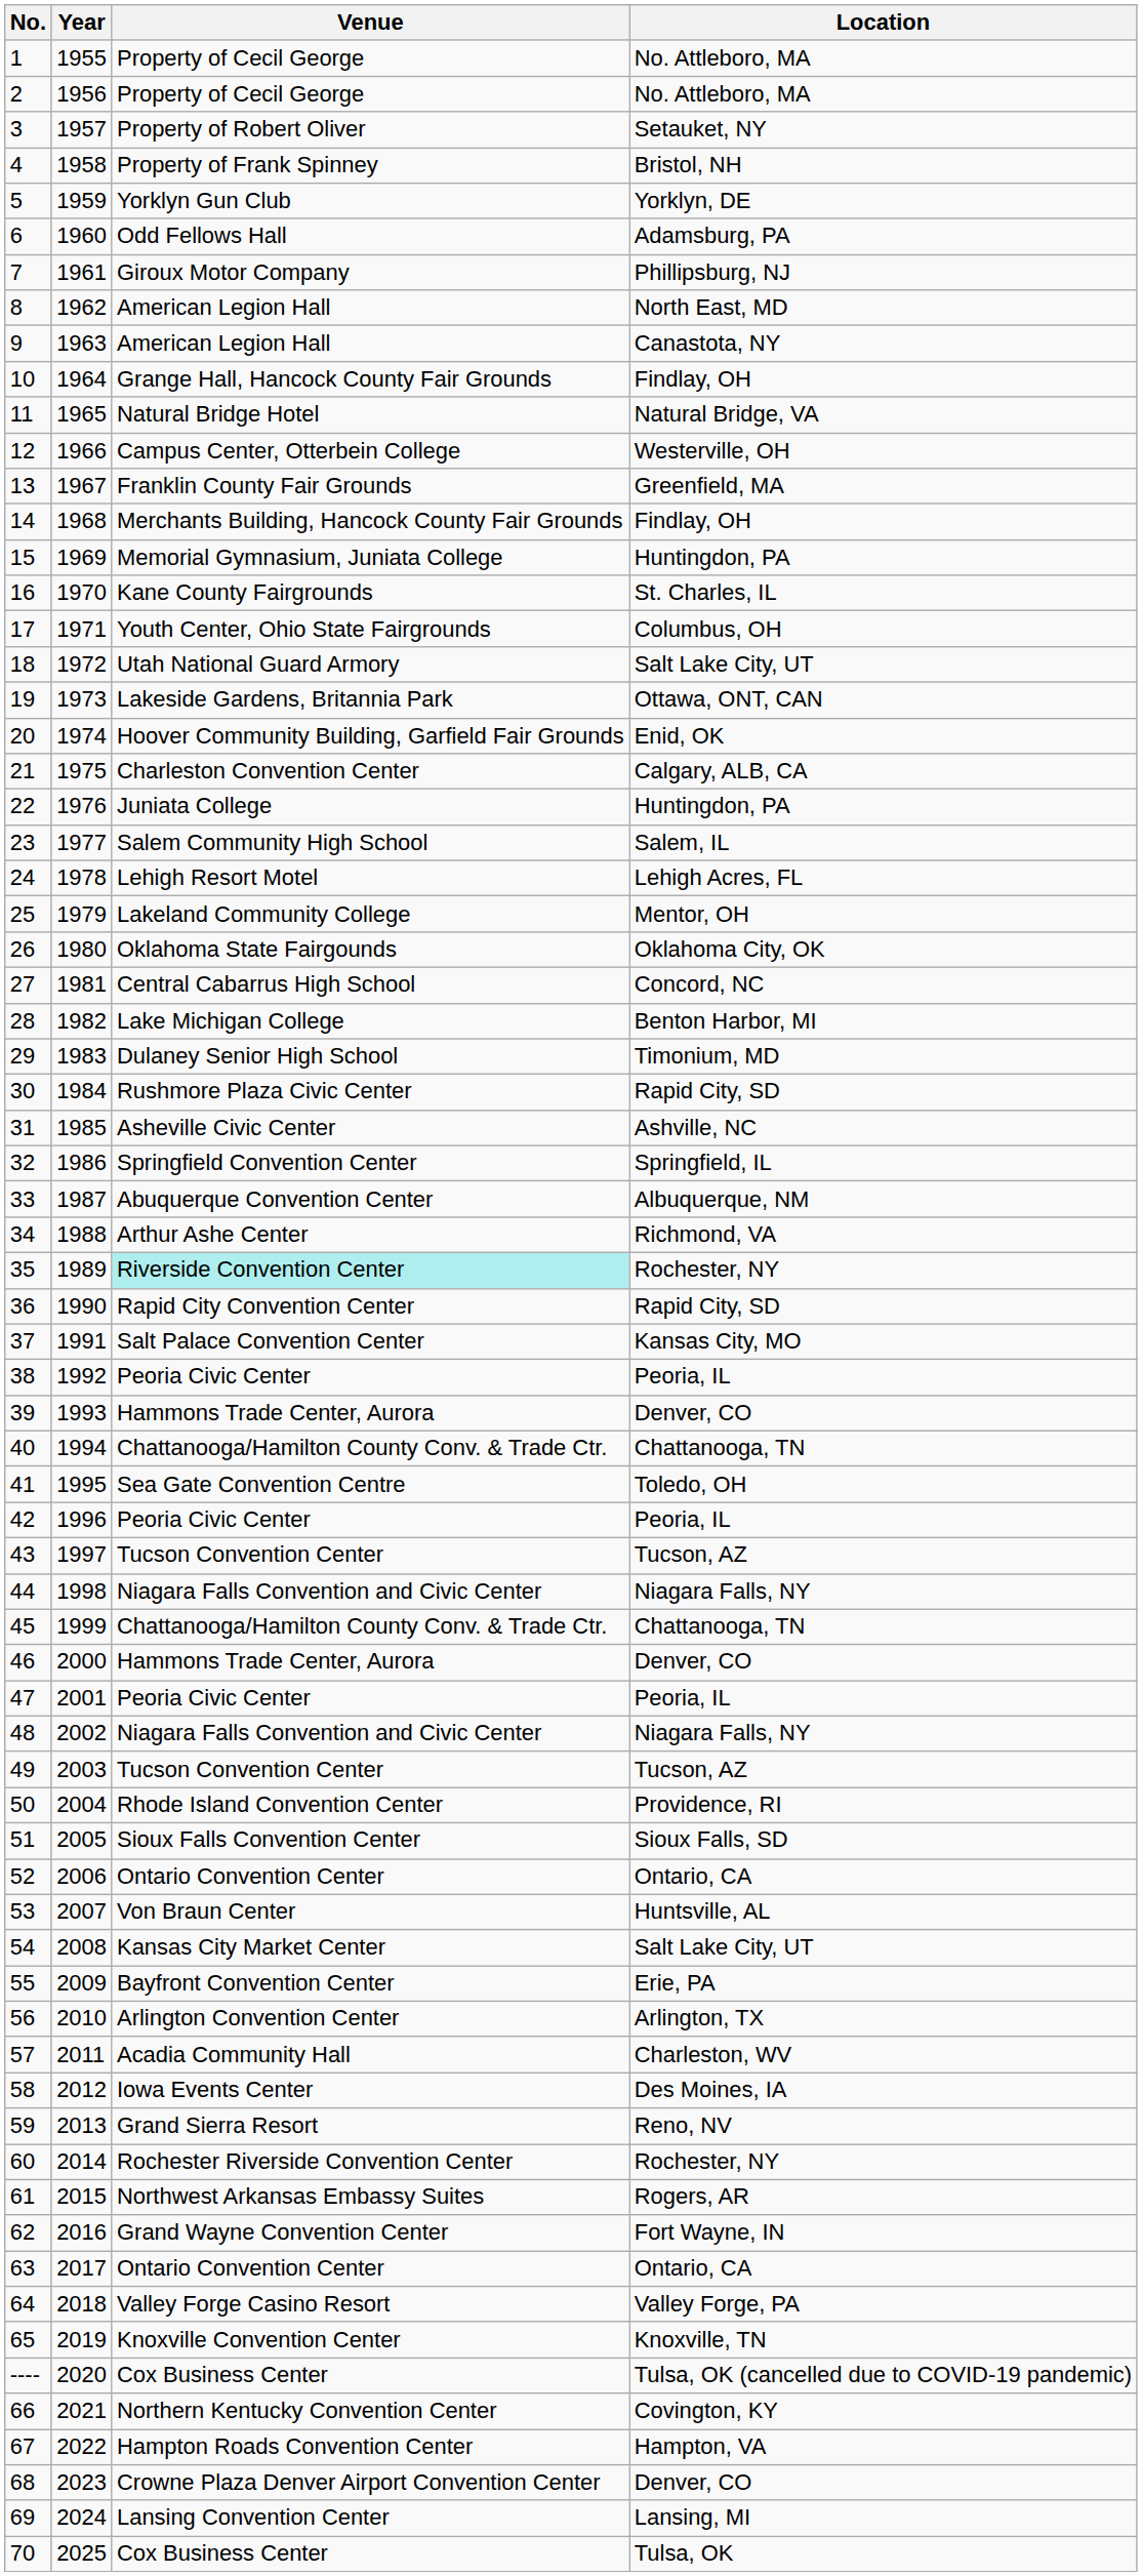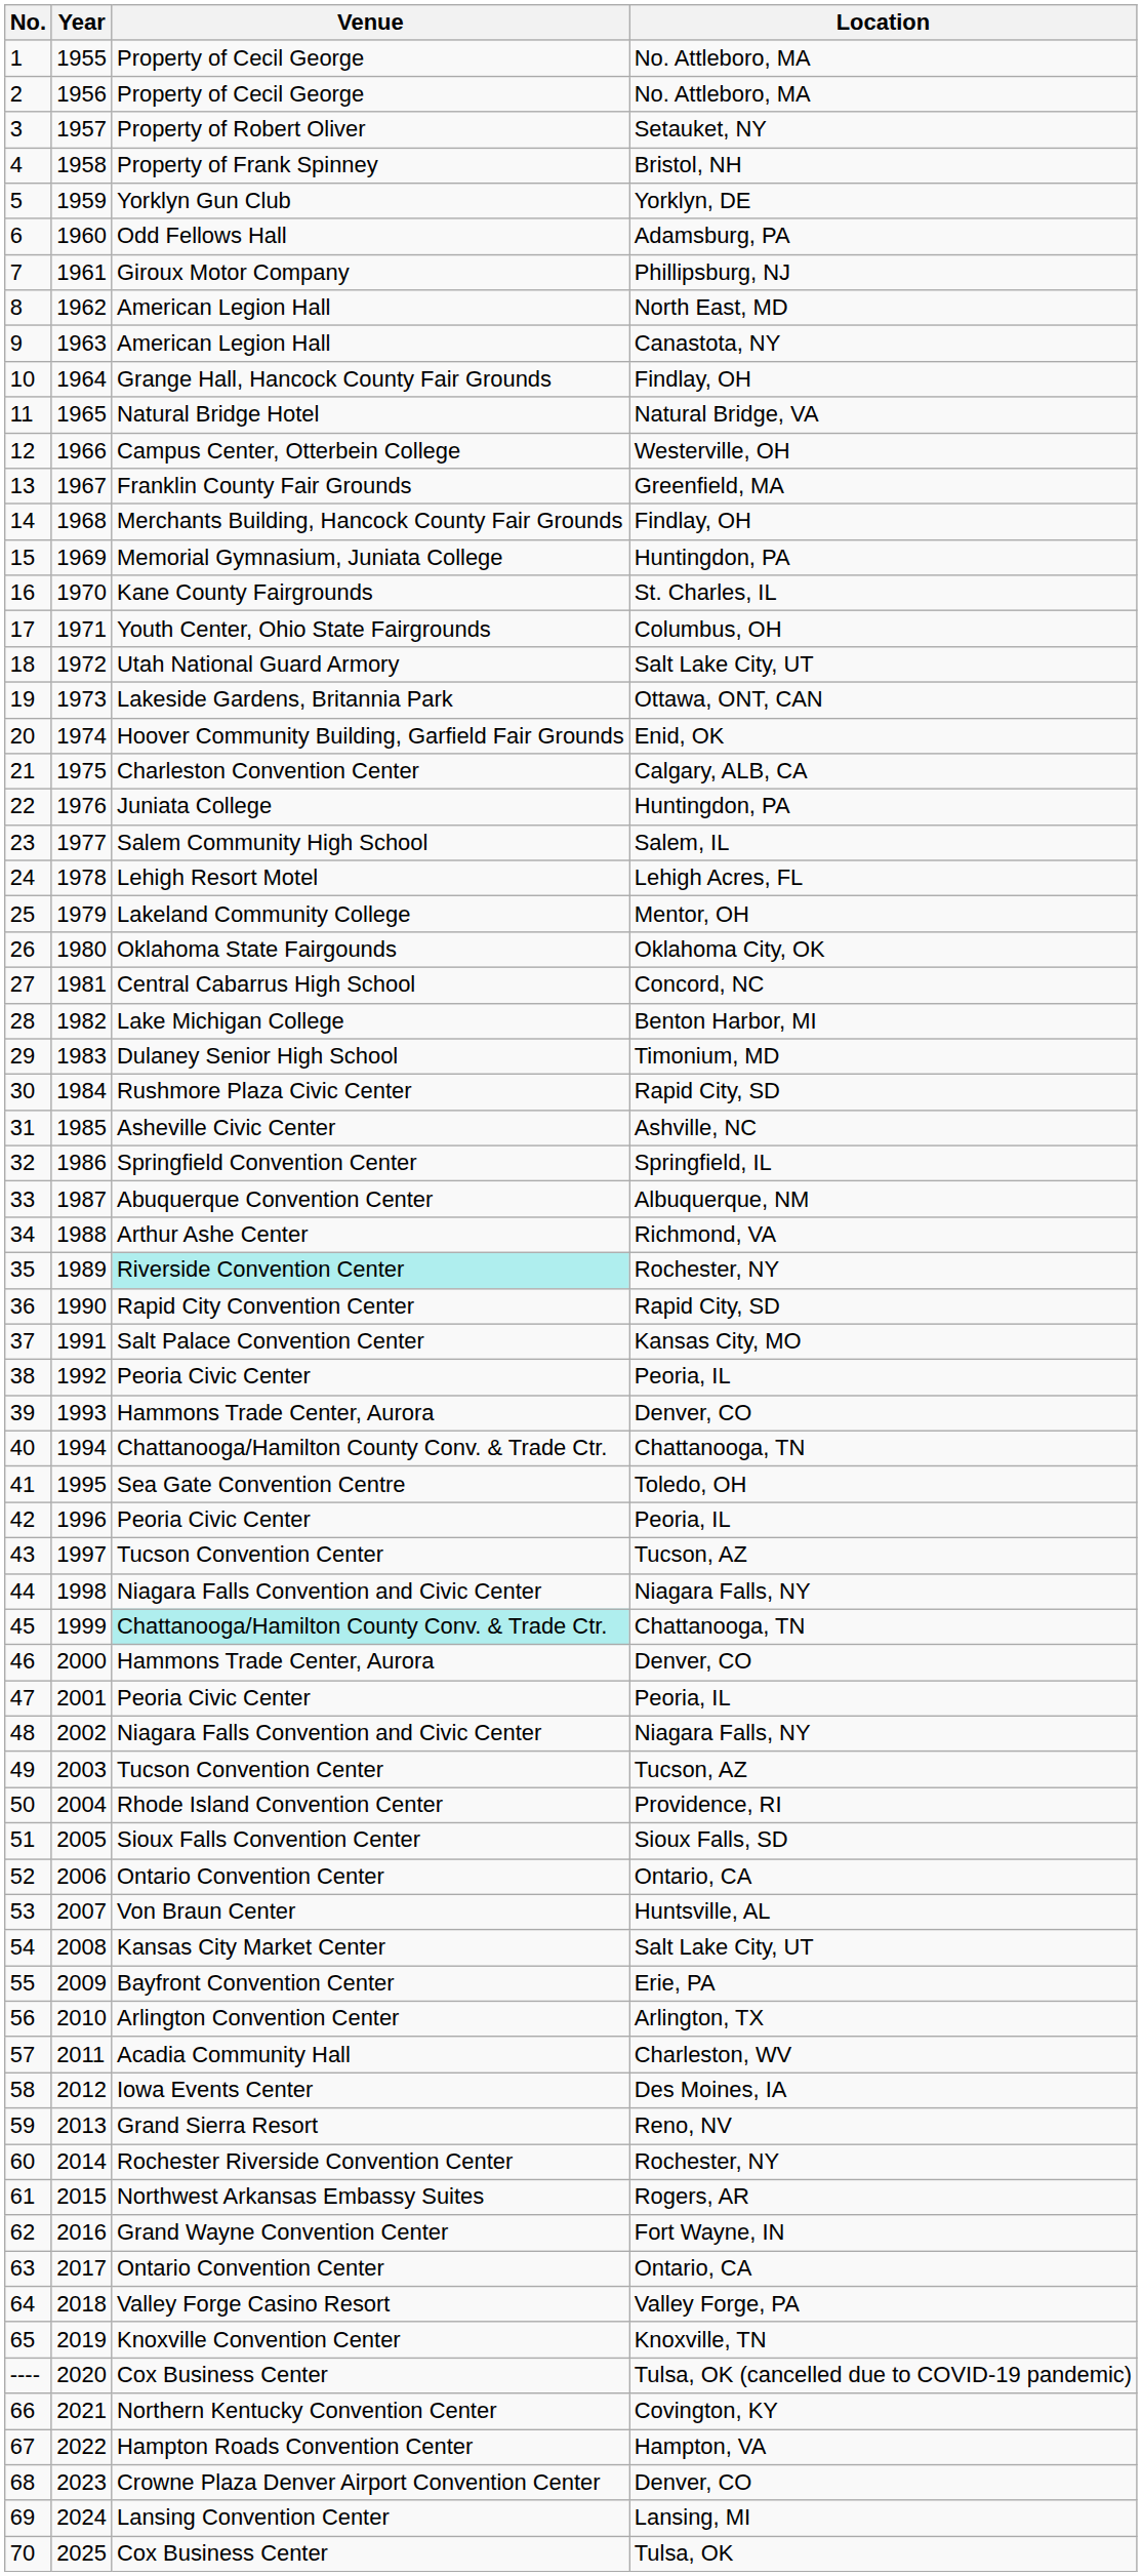 <table class="wikitable collapsible autocollapse sortable">
 <tr>
 <th>No.</th>
 <th>Year</th>
 <th>Venue</th>
 <th>Location</th>
 </tr>
 <tr>
 <td>1</td>
 <td>1955</td>
 <td>Property of Cecil George</td>
 <td>No. Attleboro, MA</td>
 </tr>
 <tr>
 <td>2</td>
 <td>1956</td>
 <td>Property of Cecil George</td>
 <td>No. Attleboro, MA</td>
 </tr>
 <tr>
 <td>3</td>
 <td>1957</td>
 <td>Property of Robert Oliver</td>
 <td>Setauket, NY</td>
 </tr>
 <tr>
 <td>4</td>
 <td>1958</td>
 <td>Property of Frank Spinney</td>
 <td>Bristol, NH</td>
 </tr>
 <tr>
 <td>5</td>
 <td>1959</td>
 <td>Yorklyn Gun Club</td>
 <td>Yorklyn, DE</td>
 </tr>
 <tr>
 <td>6</td>
 <td>1960</td>
 <td>Odd Fellows Hall</td>
 <td>Adamsburg, PA</td>
 </tr>
 <tr>
 <td>7</td>
 <td>1961</td>
 <td>Giroux Motor Company</td>
 <td>Phillipsburg, NJ</td>
 </tr>
 <tr>
 <td>8</td>
 <td>1962</td>
 <td>American Legion Hall</td>
 <td>North East, MD</td>
 </tr>
 <tr>
 <td>9</td>
 <td>1963</td>
 <td>American Legion Hall</td>
 <td>Canastota, NY</td>
 </tr>
 <tr>
 <td>10</td>
 <td>1964</td>
 <td>Grange Hall, Hancock County Fair Grounds</td>
 <td>Findlay, OH</td>
 </tr>
 <tr>
 <td>11</td>
 <td>1965</td>
 <td>Natural Bridge Hotel</td>
 <td>Natural Bridge, VA</td>
 </tr>
 <tr>
 <td>12</td>
 <td>1966</td>
 <td>Campus Center, Otterbein College</td>
 <td>Westerville, OH</td>
 </tr>
 <tr>
 <td>13</td>
 <td>1967</td>
 <td>Franklin County Fair Grounds</td>
 <td>Greenfield, MA</td>
 </tr>
 <tr>
 <td>14</td>
 <td>1968</td>
 <td>Merchants Building, Hancock County Fair Grounds</td>
 <td>Findlay, OH</td>
 </tr>
 <tr>
 <td>15</td>
 <td>1969</td>
 <td>Memorial Gymnasium, Juniata College</td>
 <td>Huntingdon, PA</td>
 </tr>
 <tr>
 <td>16</td>
 <td>1970</td>
 <td>Kane County Fairgrounds</td>
 <td>St. Charles, IL</td>
 </tr>
 <tr>
 <td>17</td>
 <td>1971</td>
 <td>Youth Center, Ohio State Fairgrounds</td>
 <td>Columbus, OH</td>
 </tr>
 <tr>
 <td>18</td>
 <td>1972</td>
 <td>Utah National Guard Armory</td>
 <td>Salt Lake City, UT</td>
 </tr>
 <tr>
 <td>19</td>
 <td>1973</td>
 <td>Lakeside Gardens, Britannia Park</td>
 <td>Ottawa, ONT, CAN</td>
 </tr>
 <tr>
 <td>20</td>
 <td>1974</td>
 <td>Hoover Community Building, Garfield Fair Grounds</td>
 <td>Enid, OK</td>
 </tr>
 <tr>
 <td>21</td>
 <td>1975</td>
 <td>Charleston Convention Center</td>
 <td>Calgary, ALB, CA</td>
 </tr>
 <tr>
 <td>22</td>
 <td>1976</td>
 <td>Juniata College</td>
 <td>Huntingdon, PA</td>
 </tr>
 <tr>
 <td>23</td>
 <td>1977</td>
 <td>Salem Community High School</td>
 <td>Salem, IL</td>
 </tr>
 <tr>
 <td>24</td>
 <td>1978</td>
 <td>Lehigh Resort Motel</td>
 <td>Lehigh Acres, FL</td>
 </tr>
 <tr>
 <td>25</td>
 <td>1979</td>
 <td>Lakeland Community College</td>
 <td>Mentor, OH</td>
 </tr>
 <tr>
 <td>26</td>
 <td>1980</td>
 <td>Oklahoma State Fairgounds</td>
 <td>Oklahoma City, OK</td>
 </tr>
 <tr>
 <td>27</td>
 <td>1981</td>
 <td>Central Cabarrus High School</td>
 <td>Concord, NC</td>
 </tr>
 <tr>
 <td>28</td>
 <td>1982</td>
 <td>Lake Michigan College</td>
 <td>Benton Harbor, MI</td>
 </tr>
 <tr>
 <td>29</td>
 <td>1983</td>
 <td>Dulaney Senior High School</td>
 <td>Timonium, MD</td>
 </tr>
 <tr>
 <td>30</td>
 <td>1984</td>
 <td>Rushmore Plaza Civic Center</td>
 <td>Rapid City, SD</td>
 </tr>
 <tr>
 <td>31</td>
 <td>1985</td>
 <td>Asheville Civic Center</td>
 <td>Ashville, NC</td>
 </tr>
 <tr>
 <td>32</td>
 <td>1986</td>
 <td>Springfield Convention Center</td>
 <td>Springfield, IL</td>
 </tr>
 <tr>
 <td>33</td>
 <td>1987</td>
 <td>Abuquerque Convention Center</td>
 <td>Albuquerque, NM</td>
 </tr>
 <tr>
 <td>34</td>
 <td>1988</td>
 <td>Arthur Ashe Center</td>
 <td>Richmond, VA</td>
 </tr>
 <tr>
 <td>35</td>
 <td>1989</td>
 <td style="background: paleturquoise;">Riverside Convention Center</td>
 <td>Rochester, NY</td>
 </tr>
 <tr>
 <td>36</td>
 <td>1990</td>
 <td>Rapid City Convention Center</td>
 <td>Rapid City, SD</td>
 </tr>
 <tr>
 <td>37</td>
 <td>1991</td>
 <td>Salt Palace Convention Center</td>
 <td>Kansas City, MO</td>
 </tr>
 <tr>
 <td>38</td>
 <td>1992</td>
 <td>Peoria Civic Center</td>
 <td>Peoria, IL</td>
 </tr>
 <tr>
 <td>39</td>
 <td>1993</td>
 <td>Hammons Trade Center, Aurora</td>
 <td>Denver, CO</td>
 </tr>
 <tr>
 <td>40</td>
 <td>1994</td>
 <td>Chattanooga/Hamilton County Conv. & Trade Ctr.</td>
 <td>Chattanooga, TN</td>
 </tr>
 <tr>
 <td>41</td>
 <td>1995</td>
 <td>Sea Gate Convention Centre</td>
 <td>Toledo, OH</td>
 </tr>
 <tr>
 <td>42</td>
 <td>1996</td>
 <td>Peoria Civic Center</td>
 <td>Peoria, IL</td>
 </tr>
 <tr>
 <td>43</td>
 <td>1997</td>
 <td>Tucson Convention Center</td>
 <td>Tucson, AZ</td>
 </tr>
 <tr>
 <td>44</td>
 <td>1998</td>
 <td>Niagara Falls Convention and Civic Center</td>
 <td>Niagara Falls, NY</td>
 </tr>
 <tr>
 <td>45</td>
 <td>1999</td>
-<td>Chattanooga/Hamilton County Conv. & Trade Ctr.</td>
+<td style="background: paleturquoise;">Chattanooga/Hamilton County Conv. & Trade Ctr.</td>
 <td>Chattanooga, TN</td>
 </tr>
 <tr>
 <td>46</td>
 <td>2000</td>
 <td>Hammons Trade Center, Aurora</td>
 <td>Denver, CO</td>
 </tr>
 <tr>
 <td>47</td>
 <td>2001</td>
 <td>Peoria Civic Center</td>
 <td>Peoria, IL</td>
 </tr>
 <tr>
 <td>48</td>
 <td>2002</td>
 <td>Niagara Falls Convention and Civic Center</td>
 <td>Niagara Falls, NY</td>
 </tr>
 <tr>
 <td>49</td>
 <td>2003</td>
 <td>Tucson Convention Center</td>
 <td>Tucson, AZ</td>
 </tr>
 <tr>
 <td>50</td>
 <td>2004</td>
 <td>Rhode Island Convention Center</td>
 <td>Providence, RI</td>
 </tr>
 <tr>
 <td>51</td>
 <td>2005</td>
 <td>Sioux Falls Convention Center</td>
 <td>Sioux Falls, SD</td>
 </tr>
 <tr>
 <td>52</td>
 <td>2006</td>
 <td>Ontario Convention Center</td>
 <td>Ontario, CA</td>
 </tr>
 <tr>
 <td>53</td>
 <td>2007</td>
 <td>Von Braun Center</td>
 <td>Huntsville, AL</td>
 </tr>
 <tr>
 <td>54</td>
 <td>2008</td>
 <td>Kansas City Market Center</td>
 <td>Salt Lake City, UT</td>
 </tr>
 <tr>
 <td>55</td>
 <td>2009</td>
 <td>Bayfront Convention Center</td>
 <td>Erie, PA</td>
 </tr>
 <tr>
 <td>56</td>
 <td>2010</td>
 <td>Arlington Convention Center</td>
 <td>Arlington, TX</td>
 </tr>
 <tr>
 <td>57</td>
 <td>2011</td>
 <td>Acadia Community Hall</td>
 <td>Charleston, WV</td>
 </tr>
 <tr>
 <td>58</td>
 <td>2012</td>
 <td>Iowa Events Center</td>
 <td>Des Moines, IA</td>
 </tr>
 <tr>
 <td>59</td>
 <td>2013</td>
 <td>Grand Sierra Resort</td>
 <td>Reno, NV</td>
 </tr>
 <tr>
 <td>60</td>
 <td>2014</td>
 <td>Rochester Riverside Convention Center</td>
 <td>Rochester, NY</td>
 </tr>
 <tr>
 <td>61</td>
 <td>2015</td>
 <td>Northwest Arkansas Embassy Suites</td>
 <td>Rogers, AR</td>
 </tr>
 <tr>
 <td>62</td>
 <td>2016</td>
 <td>Grand Wayne Convention Center</td>
 <td>Fort Wayne, IN</td>
 </tr>
 <tr>
 <td>63</td>
 <td>2017</td>
 <td>Ontario Convention Center</td>
 <td>Ontario, CA</td>
 </tr>
 <tr>
 <td>64</td>
 <td>2018</td>
 <td>Valley Forge Casino Resort</td>
 <td>Valley Forge, PA</td>
 </tr>
 <tr>
 <td>65</td>
 <td>2019</td>
 <td>Knoxville Convention Center</td>
 <td>Knoxville, TN</td>
 </tr>
 <tr>
 <td>----</td>
 <td>2020</td>
 <td>Cox Business Center</td>
 <td>Tulsa, OK (cancelled due to COVID-19 pandemic)</td>
 </tr>
 <tr>
 <td>66</td>
 <td>2021</td>
 <td>Northern Kentucky Convention Center</td>
 <td>Covington, KY</td>
 </tr>
 <tr>
 <td>67</td>
 <td>2022</td>
 <td>Hampton Roads Convention Center</td>
 <td>Hampton, VA</td>
 </tr>
 <tr>
 <td>68</td>
 <td>2023</td>
 <td>Crowne Plaza Denver Airport Convention Center</td>
 <td>Denver, CO</td>
 </tr>
 <tr>
 <td>69</td>
 <td>2024</td>
 <td>Lansing Convention Center</td>
 <td>Lansing, MI</td>
 </tr>
 <tr>
 <td>70</td>
 <td>2025</td>
 <td>Cox Business Center</td>
 <td>Tulsa, OK</td>
 </tr>
 </table>
